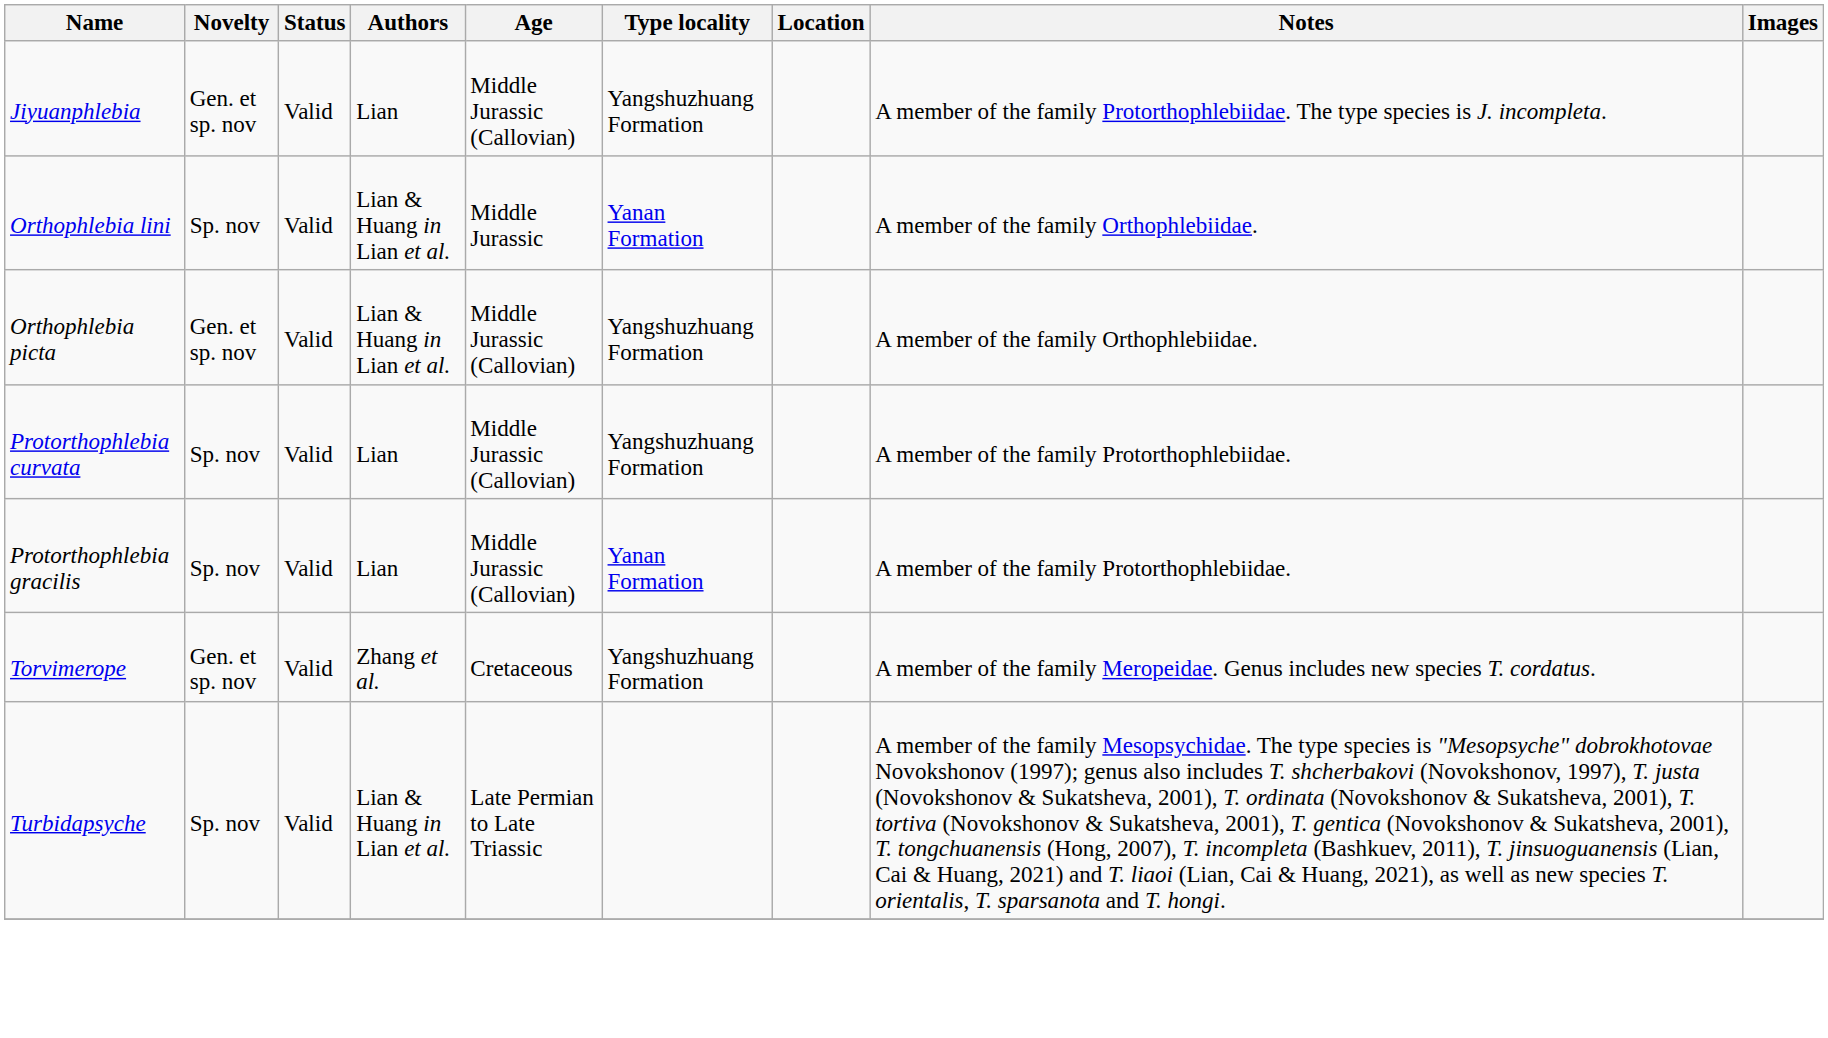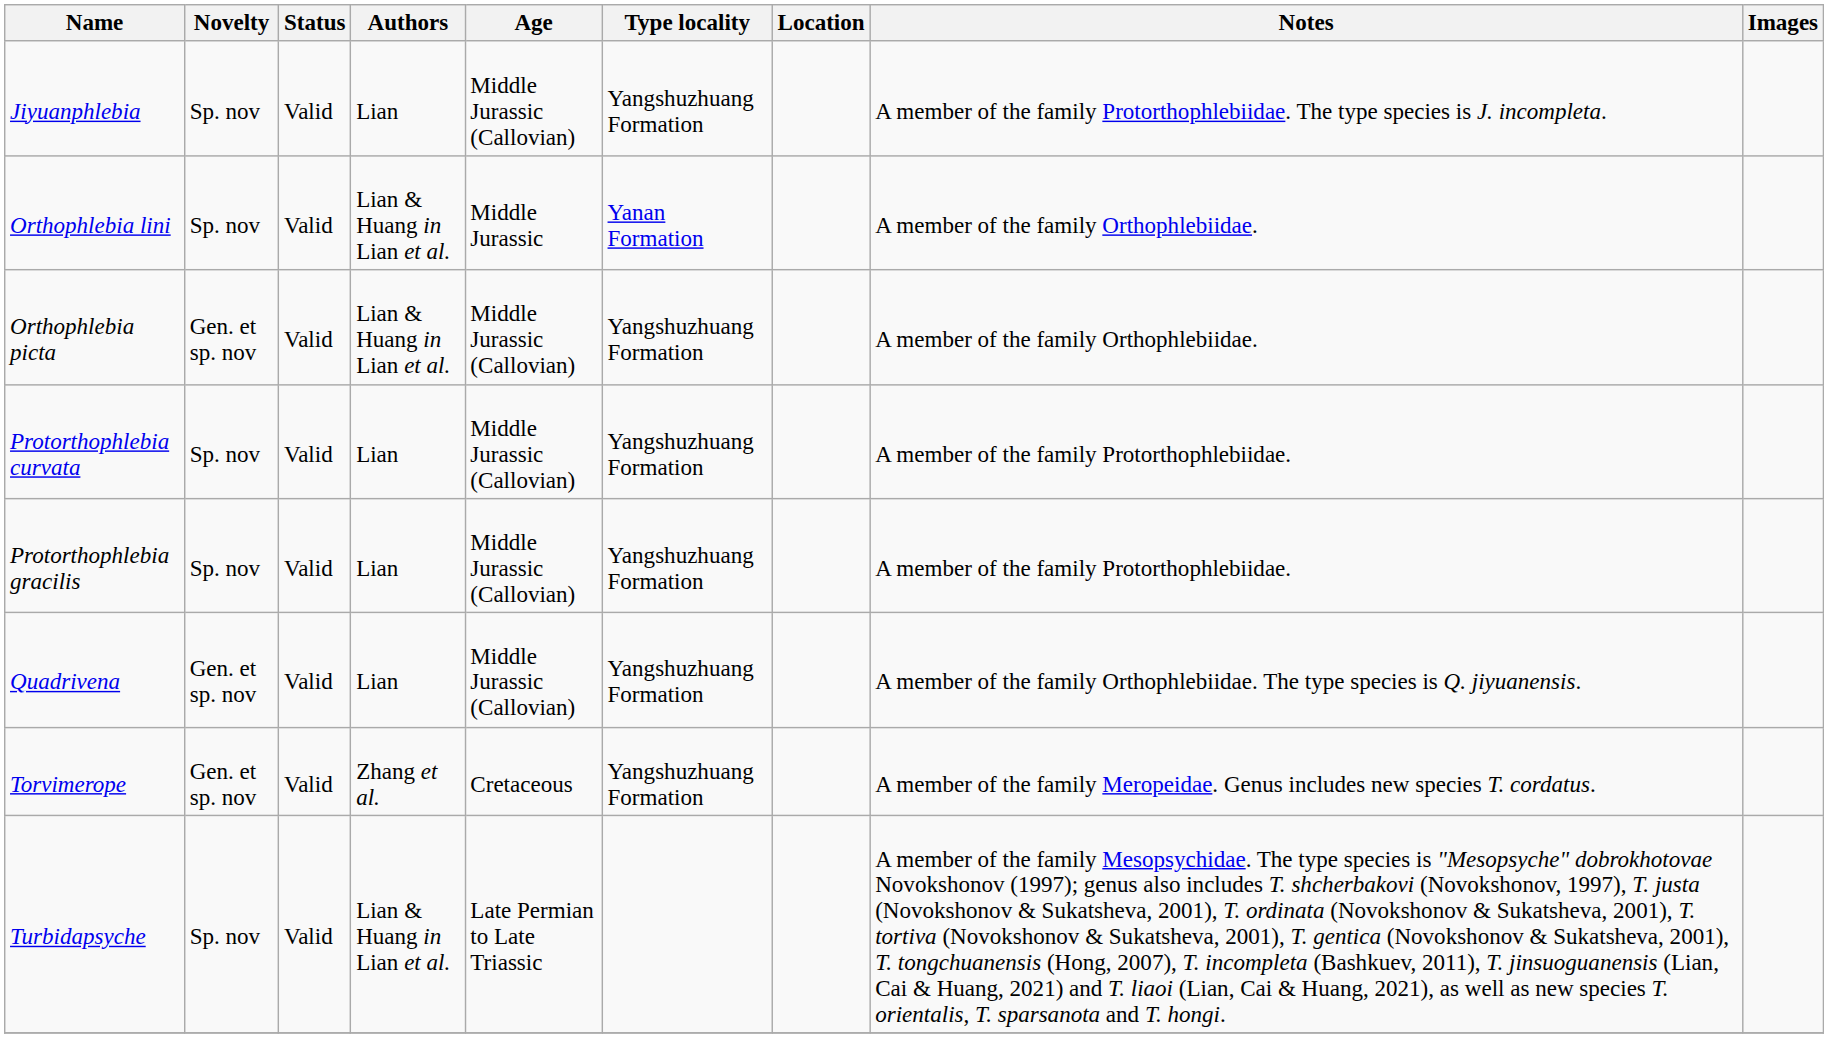 <table class="wikitable sortable" align="center" width="100%">
 <tr>
 <th>Name</th>
 <th>Novelty</th>
 <th>Status</th>
 <th>Authors</th>
 <th>Age</th>
 <th>Type locality</th>
 <th>Location</th>
 <th>Notes</th>
 <th>Images</th>
 </tr>
 <tr>
 <td><br><em><a href='#'>Jiyuanphlebia</a></em></td>
-<td><br>Gen. et sp. nov</td>
+<td><br>Sp. nov</td>
 <td><br>Valid</td>
 <td><br>Lian</td>
 <td><br>Middle Jurassic (Callovian)</td>
 <td><br>Yangshuzhuang Formation</td>
 <td><br></td>
 <td><br>A member of the family <a href='#'>Protorthophlebiidae</a>. The type species is <em>J. incompleta</em>.</td>
 <td></td>
 </tr>
 <tr>
 <td><br><em><a href='#'>Orthophlebia lini</a></em></td>
 <td><br>Sp. nov</td>
 <td><br>Valid</td>
 <td><br>Lian & Huang <em>in</em> Lian <em>et al.</em></td>
 <td><br>Middle Jurassic</td>
 <td><br><a href='#'>Yanan Formation</a></td>
 <td><br></td>
 <td><br>A member of the family <a href='#'>Orthophlebiidae</a>.</td>
 <td></td>
 </tr>
 <tr>
 <td><br><em>Orthophlebia picta</em></td>
 <td><br>Gen. et sp. nov</td>
 <td><br>Valid</td>
 <td><br>Lian & Huang <em>in</em> Lian <em>et al.</em></td>
 <td><br>Middle Jurassic (Callovian)</td>
 <td><br>Yangshuzhuang Formation</td>
 <td><br></td>
 <td><br>A member of the family Orthophlebiidae.</td>
 <td></td>
 </tr>
 <tr>
 <td><br><em><a href='#'>Protorthophlebia curvata</a></em></td>
 <td><br>Sp. nov</td>
 <td><br>Valid</td>
 <td><br>Lian</td>
 <td><br>Middle Jurassic (Callovian)</td>
 <td><br>Yangshuzhuang Formation</td>
 <td><br></td>
 <td><br>A member of the family Protorthophlebiidae.</td>
 <td></td>
 </tr>
 <tr>
 <td><br><em>Protorthophlebia gracilis</em></td>
 <td><br>Sp. nov</td>
 <td><br>Valid</td>
 <td><br>Lian</td>
 <td><br>Middle Jurassic (Callovian)</td>
-<td><br><a href='#'>Yanan Formation</a></td>
+<td><br>Yangshuzhuang Formation</td>
 <td><br></td>
 <td><br>A member of the family Protorthophlebiidae.</td>
+<td></td>
+</tr>
+<tr>
+<td><br><em><a href='#'>Quadrivena</a></em></td>
+<td><br>Gen. et sp. nov</td>
+<td><br>Valid</td>
+<td><br>Lian</td>
+<td><br>Middle Jurassic (Callovian)</td>
+<td><br>Yangshuzhuang Formation</td>
+<td><br></td>
+<td><br>A member of the family Orthophlebiidae. The type species is <em>Q. jiyuanensis</em>.</td>
 <td></td>
 </tr>
 <tr>
 <td><br><em><a href='#'>Torvimerope</a></em></td>
 <td><br>Gen. et sp. nov</td>
 <td><br>Valid</td>
 <td><br>Zhang <em>et al.</em></td>
 <td><br>Cretaceous</td>
 <td><br>Yangshuzhuang Formation</td>
 <td><br></td>
 <td><br>A member of the family <a href='#'>Meropeidae</a>. Genus includes new species <em>T. cordatus</em>.</td>
 <td></td>
 </tr>
 <tr>
 <td><br><em><a href='#'>Turbidapsyche</a></em></td>
 <td><br>Sp. nov</td>
 <td><br>Valid</td>
 <td><br>Lian & Huang <em>in</em> Lian <em>et al.</em></td>
 <td><br>Late Permian to Late Triassic</td>
 <td></td>
 <td><br><br> <br> <br> <br> </td>
 <td><br>A member of the family <a href='#'>Mesopsychidae</a>. The type species is <em>"Mesopsyche" dobrokhotovae</em> Novokshonov (1997); genus also includes <em>T. shcherbakovi</em> (Novokshonov, 1997), <em>T. justa</em> (Novokshonov & Sukatsheva, 2001), <em>T. ordinata</em> (Novokshonov & Sukatsheva, 2001), <em>T. tortiva</em> (Novokshonov & Sukatsheva, 2001), <em>T. gentica</em> (Novokshonov & Sukatsheva, 2001), <em>T. tongchuanensis</em> (Hong, 2007), <em>T. incompleta</em> (Bashkuev, 2011), <em>T. jinsuoguanensis</em> (Lian, Cai & Huang, 2021) and <em>T. liaoi</em> (Lian, Cai & Huang, 2021), as well as new species <em>T. orientalis</em>, <em>T. sparsanota</em> and <em>T. hongi</em>.</td>
 <td></td>
 </tr>
 <tr>
 </tr>
 </table>
